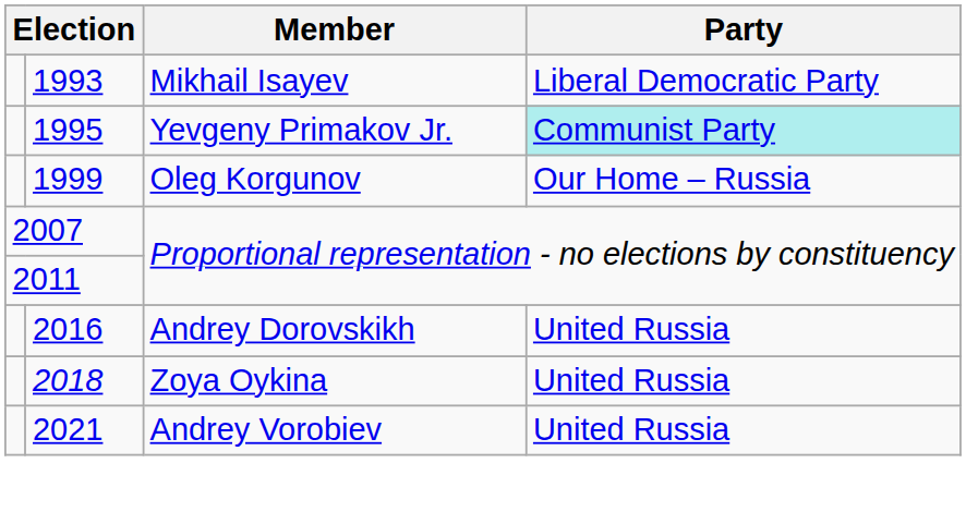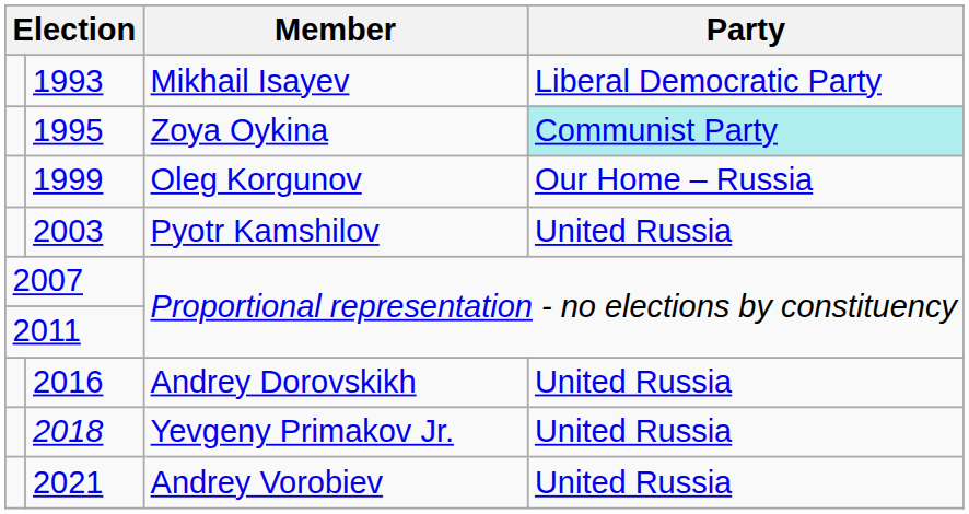 <table class="wikitable">
 <tr>
 <th colspan="2">Election</th>
 <th>Member</th>
 <th>Party</th>
 </tr>
 <tr>
 <td style="background-color:"></td>
 <td><a href='#'>1993</a></td>
 <td><a href='#'>Mikhail Isayev</a></td>
 <td><a href='#'>Liberal Democratic Party</a></td>
 </tr>
 <tr>
 <td style="background-color: "></td>
 <td><a href='#'>1995</a></td>
-<td><a href='#'>Yevgeny Primakov Jr.</a></td>
+<td><a href='#'>Zoya Oykina</a></td>
 <td style="background: paleturquoise;"><a href='#'>Communist Party</a></td>
 </tr>
 <tr>
 <td style="background-color: "></td>
 <td><a href='#'>1999</a></td>
 <td><a href='#'>Oleg Korgunov</a></td>
 <td><a href='#'>Our Home – Russia</a></td>
+</tr>
+<tr>
+<td style="background-color: "></td>
+<td><a href='#'>2003</a></td>
+<td><a href='#'>Pyotr Kamshilov</a></td>
+<td><a href='#'>United Russia</a></td>
 </tr>
 <tr>
 <td colspan=2><a href='#'>2007</a></td>
 <td colspan=2 rowspan=2><em><a href='#'>Proportional representation</a> - no elections by constituency</em></td>
 </tr>
 <tr>
 <td colspan=2><a href='#'>2011</a></td>
 </tr>
 <tr>
 <td style="background-color: "></td>
 <td><a href='#'>2016</a></td>
 <td><a href='#'>Andrey Dorovskikh</a></td>
 <td><a href='#'>United Russia</a></td>
 </tr>
 <tr>
 <td style="background-color: "></td>
 <td><em><a href='#'>2018</a></em></td>
-<td><a href='#'>Zoya Oykina</a></td>
+<td><a href='#'>Yevgeny Primakov Jr.</a></td>
 <td><a href='#'>United Russia</a></td>
 </tr>
 <tr>
 <td style="background-color: "></td>
 <td><a href='#'>2021</a></td>
 <td><a href='#'>Andrey Vorobiev</a></td>
 <td><a href='#'>United Russia</a></td>
 </tr>
 </table>
